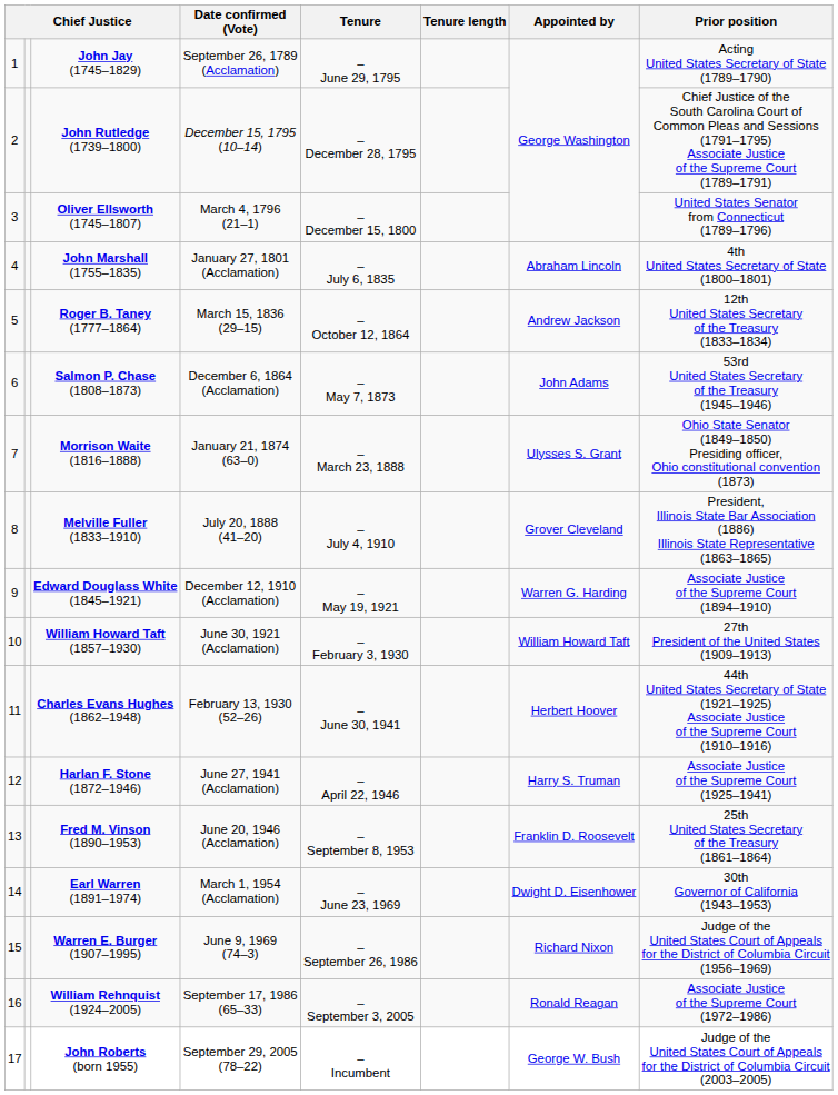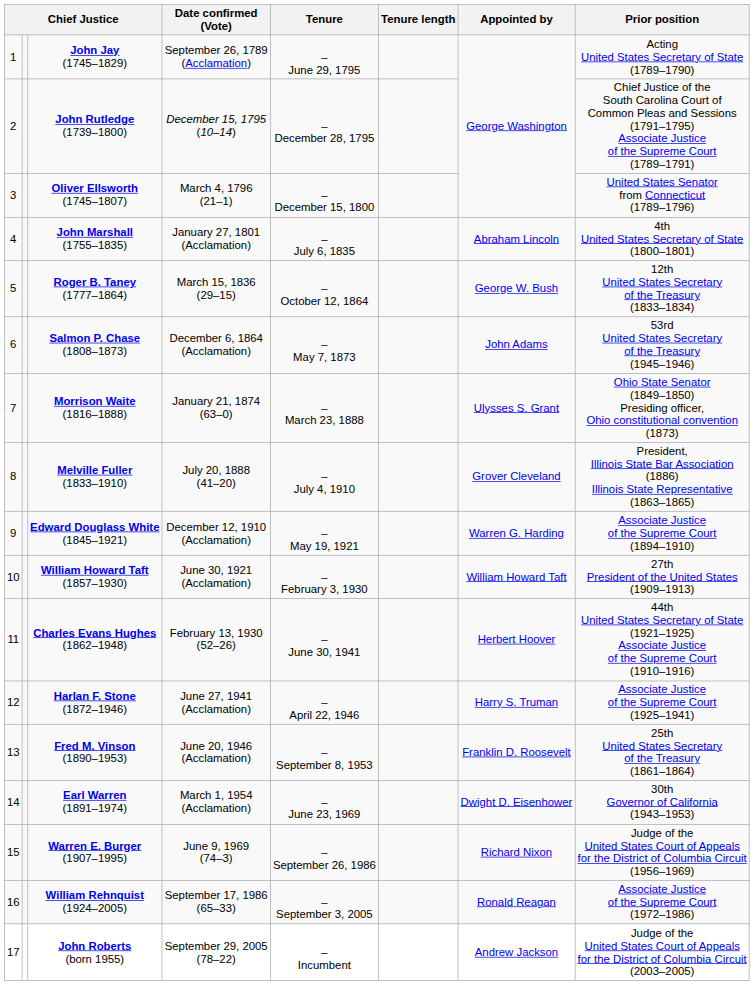 <table class="wikitable sortable" style="text-align: center;">
 <tr>
 <th colspan="3">Chief Justice</th>
 <th class = "unsortable">Date confirmed<br>(Vote)</th>
 <th>Tenure</th>
 <th>Tenure length</th>
 <th>Appointed by</th>
 <th class = "unsortable">Prior position</th>
 </tr>
 <tr>
 <td data-sort-value="Jay, John">1</td>
 <td></td>
 <td><strong><a href='#'>John Jay</a></strong><br>(1745–1829)</td>
 <td><span>September 26, 1789</span><br>(<a href='#'>Acclamation</a>)</td>
 <td><br>–<br><span>June 29, 1795</span><br></td>
 <td></td>
 <td rowspan=3 data-sort-value="Washington, George"><a href='#'>George Washington</a></td>
 <td>Acting<br><a href='#'>United States Secretary of State</a><br>(1789–1790)</td>
 </tr>
 <tr>
 <td data-sort-value="Rutledge, John">2</td>
 <td></td>
 <td><strong><a href='#'>John Rutledge</a></strong><br>(1739–1800)</td>
 <td><span><em>December 15, 1795</em></span><br>(<em>10–14</em>)</td>
 <td><br>–<br><span>December 28, 1795</span><br></td>
 <td></td>
 <td>Chief Justice of the<br>South Carolina Court of<br>Common Pleas and Sessions<br>(1791–1795)<br><a href='#'>Associate Justice<br>of the Supreme Court</a><br>(1789–1791)</td>
 </tr>
 <tr>
 <td data-sort-value="Ellsworth, Oliver">3</td>
 <td></td>
 <td><strong><a href='#'>Oliver Ellsworth</a></strong><br>(1745–1807)</td>
 <td><span>March 4, 1796</span><br>(21–1)</td>
 <td><br>–<br><span>December 15, 1800</span><br></td>
 <td></td>
 <td><a href='#'>United States Senator</a><br>from <a href='#'>Connecticut</a><br>(1789–1796)</td>
 </tr>
 <tr>
 <td data-sort-value="Marshall, John">4</td>
 <td></td>
 <td><strong><a href='#'>John Marshall</a></strong><br>(1755–1835)</td>
 <td><span>January 27, 1801</span><br>(Acclamation)</td>
 <td><br>–<br><span>July 6, 1835</span><br></td>
 <td></td>
 <td data-sort-value="Lincoln, Abraham"><a href='#'>Abraham Lincoln</a></td>
 <td>4th<br><a href='#'>United States Secretary of State</a><br>(1800–1801)</td>
 </tr>
 <tr>
 <td data-sort-value="Taney, Roger">5</td>
 <td></td>
 <td><strong><a href='#'>Roger B. Taney</a></strong><br>(1777–1864)</td>
 <td><span> March 15, 1836</span><br>(29–15)</td>
 <td><br>–<br><span>October 12, 1864</span><br></td>
 <td></td>
-<td data-sort-value="Jackson, Andrew"><a href='#'>Andrew Jackson</a></td>
+<td data-sort-value="Bush, George W."><a href='#'>George W. Bush</a></td>
 <td>12th<br><a href='#'>United States Secretary<br>of the Treasury</a><br>(1833–1834)</td>
 </tr>
 <tr>
 <td data-sort-value="Chase, Salmon P.">6</td>
 <td></td>
 <td><strong><a href='#'>Salmon P. Chase</a></strong><br>(1808–1873)</td>
 <td><span>December 6, 1864</span><br>(Acclamation)</td>
 <td><br>–<br><span>May 7, 1873</span><br></td>
 <td></td>
 <td data-sort-value="Adams, John"><a href='#'>John Adams</a></td>
 <td>53rd<br><a href='#'>United States Secretary<br>of the Treasury</a><br>(1945–1946)</td>
 </tr>
 <tr>
 <td data-sort-value="Waite, Morrison">7</td>
 <td></td>
 <td><strong><a href='#'>Morrison Waite</a></strong><br>(1816–1888)</td>
 <td><span>January 21, 1874</span><br>(63–0)</td>
 <td><br>–<br><span>March 23, 1888</span><br></td>
 <td></td>
 <td data-sort-value="Grant, Ulysses S."><a href='#'>Ulysses S. Grant</a></td>
 <td><a href='#'>Ohio State Senator</a><br>(1849–1850)<br>Presiding officer,<br><a href='#'>Ohio constitutional convention</a><br>(1873)</td>
 </tr>
 <tr>
 <td data-sort-value="Fuller, Melville">8</td>
 <td></td>
 <td><strong><a href='#'>Melville Fuller</a></strong><br>(1833–1910)</td>
 <td><span>July 20, 1888</span><br>(41–20)</td>
 <td><br>–<br><span>July 4, 1910</span><br></td>
 <td></td>
 <td data-sort-value="Cleveland, Grover"><a href='#'>Grover Cleveland</a></td>
 <td>President,<br><a href='#'>Illinois State Bar Association</a><br>(1886)<br><a href='#'>Illinois State Representative</a><br>(1863–1865)</td>
 </tr>
 <tr>
 <td data-sort-value="White, Edward D.">9</td>
 <td></td>
 <td><strong><a href='#'>Edward Douglass White</a></strong><br>(1845–1921)</td>
 <td><span>December 12, 1910</span><br>(Acclamation)</td>
 <td><br>–<br><span>May 19, 1921</span><br></td>
 <td></td>
 <td data-sort-value="Harding, Warren G."><a href='#'>Warren G. Harding</a></td>
 <td><a href='#'>Associate Justice<br>of the Supreme Court</a><br>(1894–1910)</td>
 </tr>
 <tr>
 <td data-sort-value="Taft, William H.">10</td>
 <td></td>
 <td><strong><a href='#'>William Howard Taft</a></strong><br>(1857–1930)</td>
 <td><span>June 30, 1921</span><br>(Acclamation)</td>
 <td><br>–<br><span>February 3, 1930</span><br></td>
 <td></td>
 <td data-sort-value="Taft, William Howard"><a href='#'>William Howard Taft</a></td>
 <td>27th<br><a href='#'>President of the United States</a><br>(1909–1913)</td>
 </tr>
 <tr>
 <td data-sort-value="Hughes, Charles E.">11</td>
 <td></td>
 <td><strong><a href='#'>Charles Evans Hughes</a></strong><br>(1862–1948)</td>
 <td><span>February 13, 1930</span><br>(52–26)</td>
 <td><br>–<br><span>June 30, 1941</span><br></td>
 <td></td>
 <td data-sort-value="Hoover, Herbert"><a href='#'>Herbert Hoover</a></td>
 <td>44th<br><a href='#'>United States Secretary of State</a><br>(1921–1925)<br><a href='#'>Associate Justice<br>of the Supreme Court</a><br>(1910–1916)</td>
 </tr>
 <tr>
 <td data-sort-value="Stone, Harlan F.">12</td>
 <td></td>
 <td><strong><a href='#'>Harlan F. Stone</a></strong><br>(1872–1946)</td>
 <td><span>June 27, 1941</span><br>(Acclamation)</td>
 <td><br>–<br><span>April 22, 1946</span><br></td>
 <td></td>
 <td data-sort-value="Truman, Harry S."><a href='#'>Harry S. Truman</a></td>
 <td><a href='#'>Associate Justice<br>of the Supreme Court</a><br>(1925–1941)</td>
 </tr>
 <tr>
 <td data-sort-value="Vinson, Fred M.">13</td>
 <td></td>
 <td><strong><a href='#'>Fred M. Vinson</a></strong><br>(1890–1953)</td>
 <td><span>June 20, 1946</span><br>(Acclamation)</td>
 <td><br>–<br><span>September 8, 1953 </span><br></td>
 <td></td>
 <td data-sort-value="Roosevelt, Franklin D."><a href='#'>Franklin D. Roosevelt</a></td>
 <td>25th<br><a href='#'>United States Secretary<br>of the Treasury</a><br>(1861–1864)</td>
 </tr>
 <tr>
 <td data-sort-value="Warren, Earl">14</td>
 <td></td>
 <td><strong><a href='#'>Earl Warren</a></strong><br>(1891–1974)</td>
 <td><span>March 1, 1954</span><br>(Acclamation)</td>
 <td><br>–<br><span>June 23, 1969</span><br></td>
 <td></td>
 <td data-sort-value="Eisenhower, Dwight D."><a href='#'>Dwight D. Eisenhower</a></td>
 <td>30th<br><a href='#'>Governor of California</a><br>(1943–1953)</td>
 </tr>
 <tr>
 <td data-sort-value="Burger, Warren E.">15</td>
 <td></td>
 <td><strong><a href='#'>Warren E. Burger</a></strong><br>(1907–1995)</td>
 <td><span>June 9, 1969</span><br>(74–3)</td>
 <td><br>–<br><span>September 26, 1986</span><br></td>
 <td></td>
 <td data-sort-value="Nixon, Richard"><a href='#'>Richard Nixon</a></td>
 <td>Judge of the<br><a href='#'>United States Court of Appeals<br>for the District of Columbia Circuit</a><br>(1956–1969)</td>
 </tr>
 <tr>
 <td data-sort-value="Rehnquist, William">16</td>
 <td></td>
 <td><strong><a href='#'>William Rehnquist</a></strong><br>(1924–2005)</td>
 <td><span>September 17, 1986</span><br>(65–33)</td>
 <td><br>–<br><span>September 3, 2005</span><br></td>
 <td></td>
 <td data-sort-value="Reagan, Ronald"><a href='#'>Ronald Reagan</a></td>
 <td><a href='#'>Associate Justice<br>of the Supreme Court</a><br>(1972–1986)</td>
 </tr>
 <tr style="background:#FFF;">
 <td data-sort-value="Roberts, John">17</td>
 <td></td>
 <td><strong><a href='#'>John Roberts</a></strong><br>(born 1955)</td>
 <td><span>September 29, 2005</span><br>(78–22)</td>
 <td><br>–<br><span>Incumbent</span></td>
 <td></td>
-<td data-sort-value="Bush, George W."><a href='#'>George W. Bush</a></td>
+<td data-sort-value="Jackson, Andrew"><a href='#'>Andrew Jackson</a></td>
 <td>Judge of the<br><a href='#'>United States Court of Appeals<br>for the District of Columbia Circuit</a><br>(2003–2005)</td>
 </tr>
 </table>
